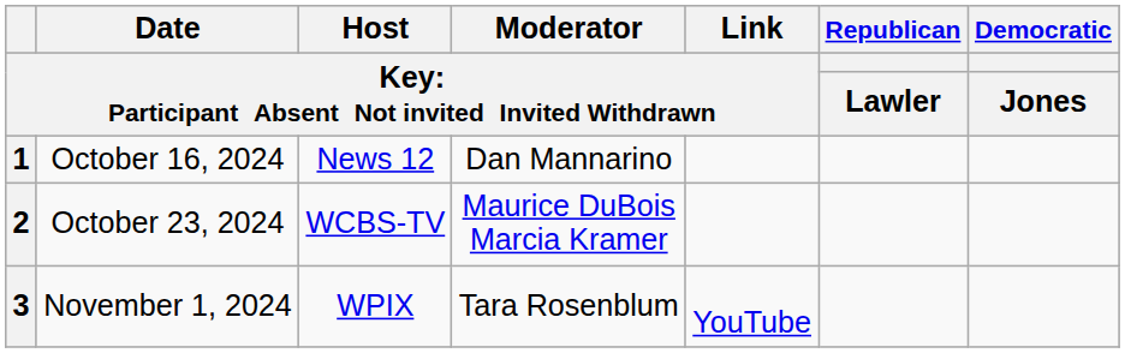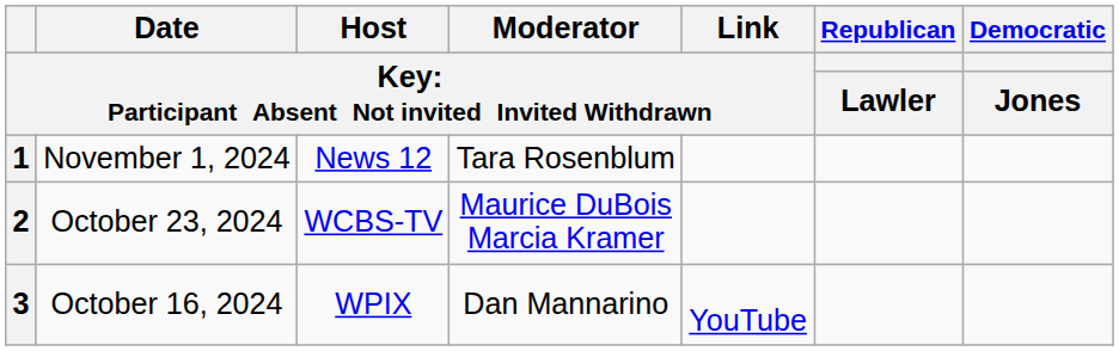 <table class="wikitable" style="text-align:center;">
 <tr>
 <th scope="col"></th>
 <th scope="col">Date</th>
 <th scope="col">Host</th>
 <th scope="col">Moderator</th>
 <th scope="col">Link</th>
 <th scope="col"><small><a href='#'>Republican</a></small></th>
 <th scope="col"><small><a href='#'>Democratic</a></small></th>
 </tr>
 <tr>
 <th colspan="5" rowspan="2">Key:<br> <small>Participant </small>  <small>Absent </small>  <small>Not invited </small>  <small>Invited  Withdrawn</small></th>
 <th scope="col" style="background:"></th>
 <th scope="col" style="background:"></th>
 </tr>
 <tr>
 <th scope="col">Lawler</th>
 <th scope="col">Jones</th>
 </tr>
 <tr>
 <th>1</th>
-<td style="white-space:nowrap;">October 16, 2024</td>
+<td style="white-space:nowrap;">November 1, 2024</td>
 <td style="white-space:nowrap;"><a href='#'>News 12</a></td>
-<td style="white-space:nowrap;">Dan Mannarino</td>
+<td style="white-space:nowrap;">Tara Rosenblum</td>
 <td style="white-space:nowrap;"></td>
 <td></td>
 <td></td>
 </tr>
 <tr>
 <th>2</th>
 <td style="white-space:nowrap;">October 23, 2024</td>
 <td style="white-space:nowrap;"><a href='#'>WCBS-TV</a></td>
 <td style="white-space:nowrap;"><a href='#'>Maurice DuBois</a><br><a href='#'>Marcia Kramer</a></td>
 <td style="white-space:nowrap;"></td>
 <td></td>
 <td></td>
 </tr>
 <tr>
 <th>3</th>
-<td style="white-space:nowrap;">November 1, 2024</td>
+<td style="white-space:nowrap;">October 16, 2024</td>
 <td style="white-space:nowrap;"><a href='#'>WPIX</a></td>
-<td style="white-space:nowrap;">Tara Rosenblum</td>
+<td style="white-space:nowrap;">Dan Mannarino</td>
 <td style="white-space:nowrap;"><br><a href='#'>YouTube</a></td>
 <td></td>
 <td></td>
 </tr>
 </table>
